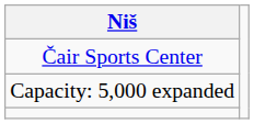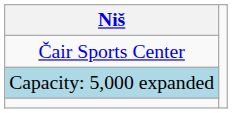 <table class="wikitable" style="text-align:center">
 <tr>
 <th><a href='#'>Niš</a></th>
 <td rowspan=4></td>
 </tr>
 <tr>
 <td><a href='#'>Čair Sports Center</a></td>
 </tr>
 <tr>
-<td>Capacity: 5,000 expanded</td>
+<td style="background: lightblue;">Capacity: 5,000 expanded</td>
 </tr>
 <tr>
 <td></td>
 </tr>
 </table>
